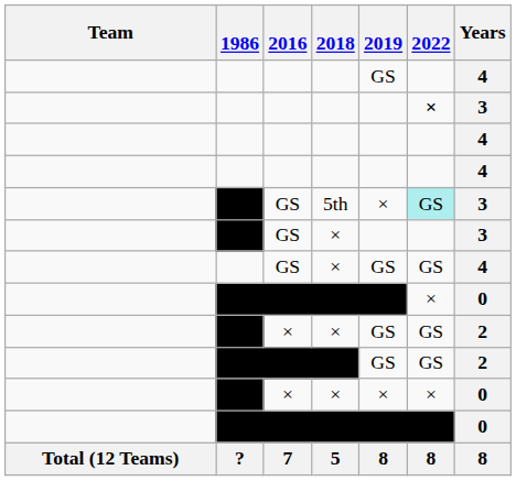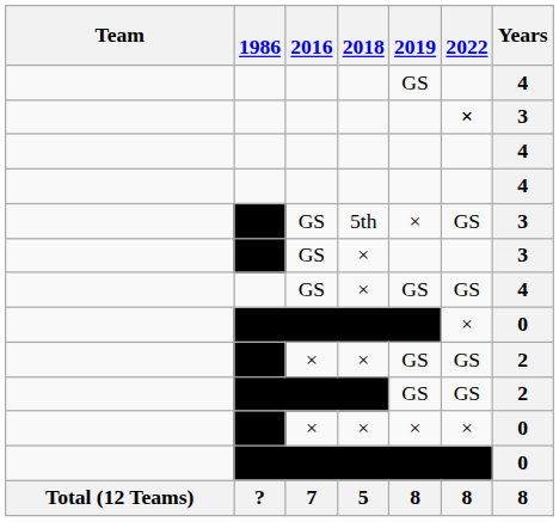 <table class="wikitable" style="text-align:center; font-size:90%">
 <tr>
 <th width=150>Team</th>
 <th><br><a href='#'>1986</a></th>
 <th><br><a href='#'>2016</a></th>
 <th><br><a href='#'>2018</a></th>
 <th><br><a href='#'>2019</a></th>
 <th><br><a href='#'>2022</a></th>
 <th>Years</th>
 </tr>
 <tr>
 <td align=left></td>
 <td></td>
 <td></td>
 <td></td>
 <td>GS</td>
 <td></td>
 <th>4</th>
 </tr>
 <tr>
 <td align=left></td>
 <td></td>
 <td></td>
 <td></td>
 <td></td>
 <td><strong>×</strong></td>
 <th>3</th>
 </tr>
 <tr>
 <td align=left></td>
 <td></td>
 <td></td>
 <td></td>
 <td></td>
 <td></td>
 <th>4</th>
 </tr>
 <tr>
 <td align=left></td>
 <td></td>
 <td></td>
 <td></td>
 <td></td>
 <td></td>
 <th>4</th>
 </tr>
 <tr>
 <td align=left></td>
 <td style="background-color:black;"></td>
 <td>GS</td>
 <td>5th</td>
 <td>×</td>
-<td style="background: paleturquoise;">GS</td>
+<td>GS</td>
 <th>3</th>
 </tr>
 <tr>
 <td align=left></td>
 <td style="background-color:black;"></td>
 <td>GS</td>
 <td>×</td>
 <td></td>
 <td></td>
 <th>3</th>
 </tr>
 <tr>
 <td align=left></td>
 <td></td>
 <td>GS</td>
 <td>×</td>
 <td>GS</td>
 <td>GS</td>
 <th>4</th>
 </tr>
 <tr>
 <td align=left></td>
 <td colspan=4 style="background-color:black;"></td>
 <td>×</td>
 <th>0</th>
 </tr>
 <tr>
 <td align=left></td>
 <td style="background-color:black;"></td>
 <td>×</td>
 <td>×</td>
 <td>GS</td>
 <td>GS</td>
 <th>2</th>
 </tr>
 <tr>
 <td align=left></td>
 <td colspan=3 style="background-color:black;"></td>
 <td>GS</td>
 <td>GS</td>
 <th>2</th>
 </tr>
 <tr>
 <td align=left></td>
 <td style="background-color:black;"></td>
 <td>×</td>
 <td>×</td>
 <td>×</td>
 <td>×</td>
 <th>0</th>
 </tr>
 <tr>
 <td align=left></td>
 <td colspan=5 style="background-color:black;"></td>
 <th>0</th>
 </tr>
 <tr>
 <th>Total (12 Teams)</th>
 <th>?</th>
 <th>7</th>
 <th>5</th>
 <th>8</th>
 <th>8</th>
 <th>8</th>
 </tr>
 </table>
